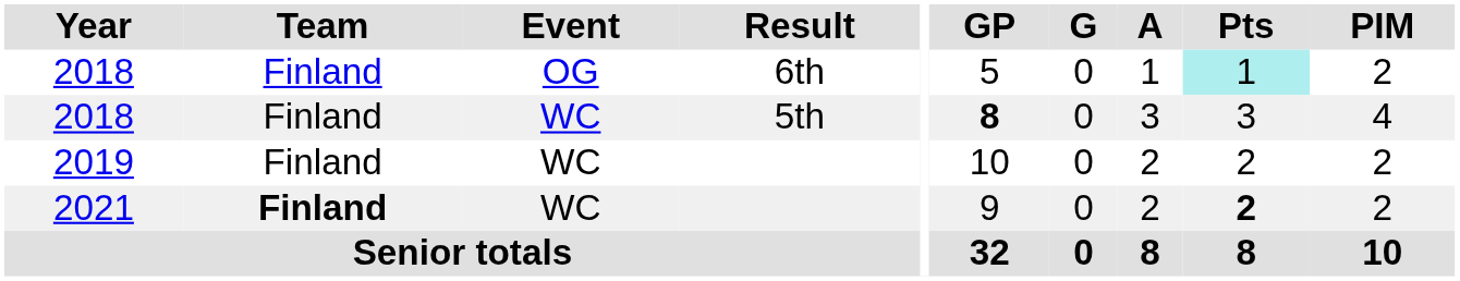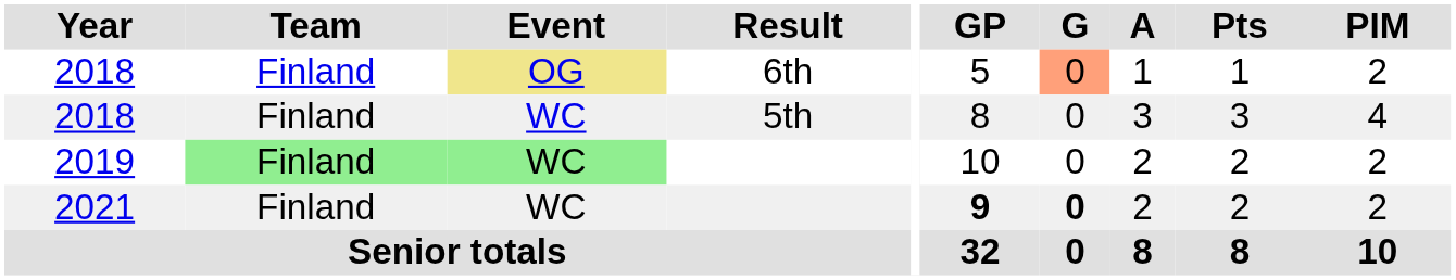 <table border="0" cellpadding="1" cellspacing="0" ID="Table3" style="text-align:center; width:40em">
 <tr ALIGN="center" bgcolor="#e0e0e0">
 <th>Year</th>
 <th>Team</th>
 <th>Event</th>
 <th>Result</th>
 <th rowspan="99" bgcolor="#ffffff"></th>
 <th>GP</th>
 <th>G</th>
 <th>A</th>
 <th>Pts</th>
 <th>PIM</th>
 </tr>
 <tr>
 <td><a href='#'>2018</a></td>
 <td><a href='#'>Finland</a></td>
-<td><a href='#'>OG</a></td>
+<td style="background: khaki;"><a href='#'>OG</a></td>
 <td>6th</td>
 <td>5</td>
-<td>0</td>
+<td style="background: lightsalmon;">0</td>
 <td>1</td>
-<td style="background: paleturquoise;">1</td>
+<td>1</td>
 <td>2</td>
 </tr>
 <tr bgcolor="#f0f0f0">
 <td><a href='#'>2018</a></td>
 <td>Finland</td>
 <td><a href='#'>WC</a></td>
 <td>5th</td>
-<td><strong>8</strong></td>
+<td>8</td>
 <td>0</td>
 <td>3</td>
 <td>3</td>
 <td>4</td>
 </tr>
 <tr>
 <td><a href='#'>2019</a></td>
-<td>Finland</td>
-<td>WC</td>
+<td style="background: lightgreen;">Finland</td>
+<td style="background: lightgreen;">WC</td>
 <td></td>
 <td>10</td>
 <td>0</td>
 <td>2</td>
 <td>2</td>
 <td>2</td>
 </tr>
 <tr bgcolor="#f0f0f0">
 <td><a href='#'>2021</a></td>
-<td><strong>Finland</strong></td>
+<td>Finland</td>
 <td>WC</td>
 <td></td>
-<td>9</td>
-<td>0</td>
+<td><strong>9</strong></td>
+<td><strong>0</strong></td>
 <td>2</td>
-<td><strong>2</strong></td>
+<td>2</td>
 <td>2</td>
 </tr>
 <tr bgcolor="#e0e0e0">
 <th colspan="4">Senior totals</th>
 <th>32</th>
 <th>0</th>
 <th>8</th>
 <th>8</th>
 <th>10</th>
 </tr>
 </table>
